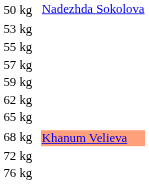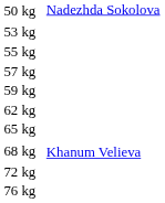 <table>
 <tr>
 <td rowspan=2>50 kg<br></td>
 <td rowspan=2></td>
 <td rowspan=2></td>
 <td><a href='#'>Nadezhda Sokolova</a><br></td>
 </tr>
 <tr>
 <td></td>
 </tr>
 <tr>
 <td rowspan=2>53 kg<br></td>
 <td rowspan=2></td>
 <td rowspan=2></td>
 <td></td>
 </tr>
 <tr>
 <td></td>
 </tr>
 <tr>
 <td rowspan=2>55 kg<br></td>
 <td rowspan=2></td>
 <td rowspan=2></td>
 <td></td>
 </tr>
 <tr>
 <td></td>
 </tr>
 <tr>
 <td rowspan=2>57 kg<br></td>
 <td rowspan=2></td>
 <td rowspan=2></td>
 <td></td>
 </tr>
 <tr>
 <td></td>
 </tr>
 <tr>
 <td rowspan=2>59 kg<br></td>
 <td rowspan=2></td>
 <td rowspan=2></td>
 <td></td>
 </tr>
 <tr>
 <td></td>
 </tr>
 <tr>
 <td rowspan=2>62 kg<br></td>
 <td rowspan=2></td>
 <td rowspan=2></td>
 <td></td>
 </tr>
 <tr>
 <td></td>
 </tr>
 <tr>
 <td rowspan=2>65 kg<br></td>
 <td rowspan=2></td>
 <td rowspan=2></td>
 <td></td>
 </tr>
 <tr>
 <td></td>
 </tr>
 <tr>
 <td rowspan=2>68 kg<br></td>
 <td rowspan=2></td>
 <td rowspan=2></td>
 <td></td>
 </tr>
 <tr>
-<td style="background: lightsalmon;"><a href='#'>Khanum Velieva</a><br></td>
+<td><a href='#'>Khanum Velieva</a><br></td>
 </tr>
 <tr>
 <td rowspan=2>72 kg<br></td>
 <td rowspan=2></td>
 <td rowspan=2></td>
 <td></td>
 </tr>
 <tr>
 <td></td>
 </tr>
 <tr>
 <td rowspan=2>76 kg<br></td>
 <td rowspan=2></td>
 <td rowspan=2></td>
 <td></td>
 </tr>
 <tr>
 <td></td>
 </tr>
 </table>
